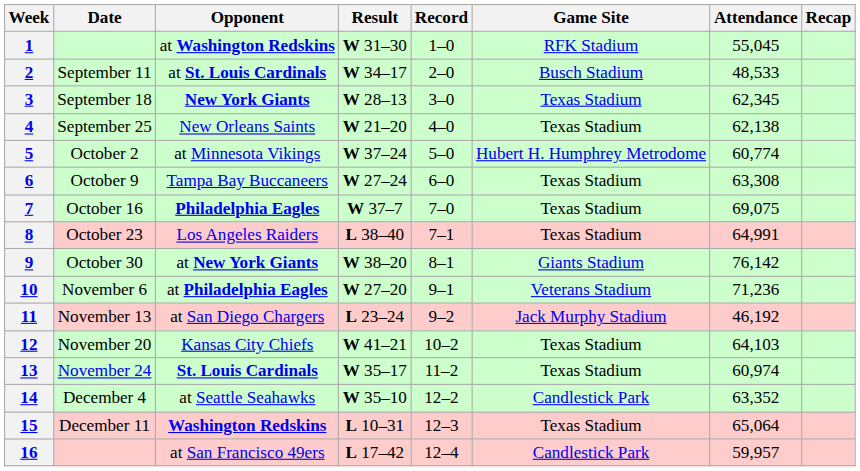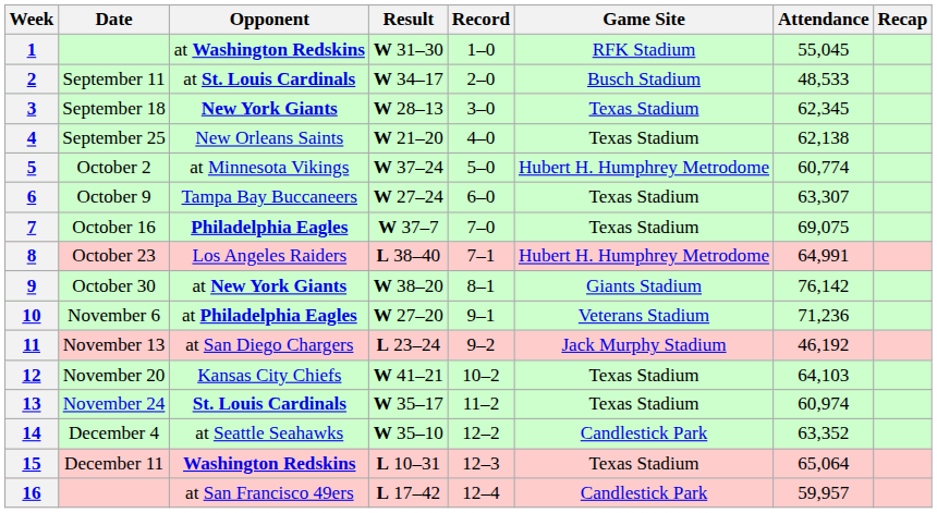 <table class="wikitable" style="text-align:center">
 <tr>
 <th>Week</th>
 <th>Date</th>
 <th>Opponent</th>
 <th>Result</th>
 <th>Record</th>
 <th>Game Site</th>
 <th>Attendance</th>
 <th>Recap</th>
 </tr>
 <tr style="background: #cfc">
 <th><a href='#'>1</a></th>
 <td></td>
 <td>at <strong><a href='#'>Washington Redskins</a></strong></td>
 <td><strong>W</strong> 31–30</td>
 <td>1–0</td>
 <td><a href='#'>RFK Stadium</a></td>
 <td>55,045</td>
 <td></td>
 </tr>
 <tr style="background: #cfc">
 <th><a href='#'>2</a></th>
 <td>September 11</td>
 <td>at <strong><a href='#'>St. Louis Cardinals</a></strong></td>
 <td><strong>W</strong> 34–17</td>
 <td>2–0</td>
 <td><a href='#'>Busch Stadium</a></td>
 <td>48,533</td>
 <td></td>
 </tr>
 <tr style="background: #cfc">
 <th><a href='#'>3</a></th>
 <td>September 18</td>
 <td><strong><a href='#'>New York Giants</a></strong></td>
 <td><strong>W</strong> 28–13</td>
 <td>3–0</td>
 <td><a href='#'>Texas Stadium</a></td>
 <td>62,345</td>
 <td></td>
 </tr>
 <tr style="background: #cfc">
 <th><a href='#'>4</a></th>
 <td>September 25</td>
 <td><a href='#'>New Orleans Saints</a></td>
 <td><strong>W</strong> 21–20</td>
 <td>4–0</td>
 <td>Texas Stadium</td>
 <td>62,138</td>
 <td></td>
 </tr>
 <tr style="background: #cfc">
 <th><a href='#'>5</a></th>
 <td>October 2</td>
 <td>at <a href='#'>Minnesota Vikings</a></td>
 <td><strong>W</strong> 37–24</td>
 <td>5–0</td>
 <td><a href='#'>Hubert H. Humphrey Metrodome</a></td>
 <td>60,774</td>
 <td></td>
 </tr>
 <tr style="background: #cfc">
 <th><a href='#'>6</a></th>
 <td>October 9</td>
 <td><a href='#'>Tampa Bay Buccaneers</a></td>
 <td><strong>W</strong> 27–24 </td>
 <td>6–0</td>
 <td>Texas Stadium</td>
-<td>63,308</td>
+<td>63,307</td>
 <td></td>
 </tr>
 <tr style="background: #cfc">
 <th><a href='#'>7</a></th>
 <td>October 16</td>
 <td><strong><a href='#'>Philadelphia Eagles</a></strong></td>
 <td><strong>W</strong> 37–7</td>
 <td>7–0</td>
 <td>Texas Stadium</td>
 <td>69,075</td>
 <td></td>
 </tr>
 <tr style="background: #fcc">
 <th><a href='#'>8</a></th>
 <td>October 23</td>
 <td><a href='#'>Los Angeles Raiders</a></td>
 <td><strong>L</strong> 38–40</td>
 <td>7–1</td>
-<td>Texas Stadium</td>
+<td><a href='#'>Hubert H. Humphrey Metrodome</a></td>
 <td>64,991</td>
 <td></td>
 </tr>
 <tr style="background: #cfc">
 <th><a href='#'>9</a></th>
 <td>October 30</td>
 <td>at <strong><a href='#'>New York Giants</a></strong></td>
 <td><strong>W</strong> 38–20</td>
 <td>8–1</td>
 <td><a href='#'>Giants Stadium</a></td>
 <td>76,142</td>
 <td></td>
 </tr>
 <tr style="background: #cfc">
 <th><a href='#'>10</a></th>
 <td>November 6</td>
 <td>at <strong><a href='#'>Philadelphia Eagles</a></strong></td>
 <td><strong>W</strong> 27–20</td>
 <td>9–1</td>
 <td><a href='#'>Veterans Stadium</a></td>
 <td>71,236</td>
 <td></td>
 </tr>
 <tr style="background: #fcc">
 <th><a href='#'>11</a></th>
 <td>November 13</td>
 <td>at <a href='#'>San Diego Chargers</a></td>
 <td><strong>L</strong> 23–24</td>
 <td>9–2</td>
 <td><a href='#'>Jack Murphy Stadium</a></td>
 <td>46,192</td>
 <td></td>
 </tr>
 <tr style="background: #cfc">
 <th><a href='#'>12</a></th>
 <td>November 20</td>
 <td><a href='#'>Kansas City Chiefs</a></td>
 <td><strong>W</strong> 41–21</td>
 <td>10–2</td>
 <td>Texas Stadium</td>
 <td>64,103</td>
 <td></td>
 </tr>
 <tr style="background: #cfc">
 <th><a href='#'>13</a></th>
 <td><a href='#'>November 24</a></td>
 <td><strong><a href='#'>St. Louis Cardinals</a></strong></td>
 <td><strong>W</strong> 35–17</td>
 <td>11–2</td>
 <td>Texas Stadium</td>
 <td>60,974</td>
 <td></td>
 </tr>
 <tr style="background: #cfc">
 <th><a href='#'>14</a></th>
 <td>December 4</td>
 <td>at <a href='#'>Seattle Seahawks</a></td>
 <td><strong>W</strong> 35–10</td>
 <td>12–2</td>
 <td><a href='#'>Candlestick Park</a></td>
 <td>63,352</td>
 <td></td>
 </tr>
 <tr style="background: #fcc">
 <th><a href='#'>15</a></th>
 <td>December 11</td>
 <td><strong><a href='#'>Washington Redskins</a></strong></td>
 <td><strong>L</strong> 10–31</td>
 <td>12–3</td>
 <td>Texas Stadium</td>
 <td>65,064</td>
 <td></td>
 </tr>
 <tr style="background: #fcc">
 <th><a href='#'>16</a></th>
 <td></td>
 <td>at <a href='#'>San Francisco 49ers</a></td>
 <td><strong>L</strong> 17–42</td>
 <td>12–4</td>
 <td><a href='#'>Candlestick Park</a></td>
 <td>59,957</td>
 <td></td>
 </tr>
 </table>
